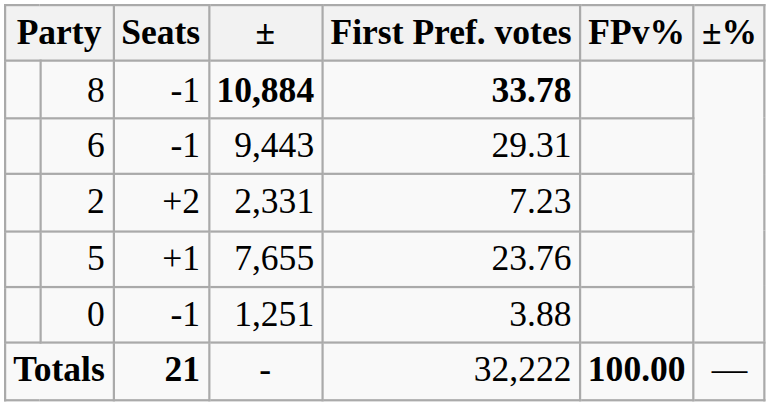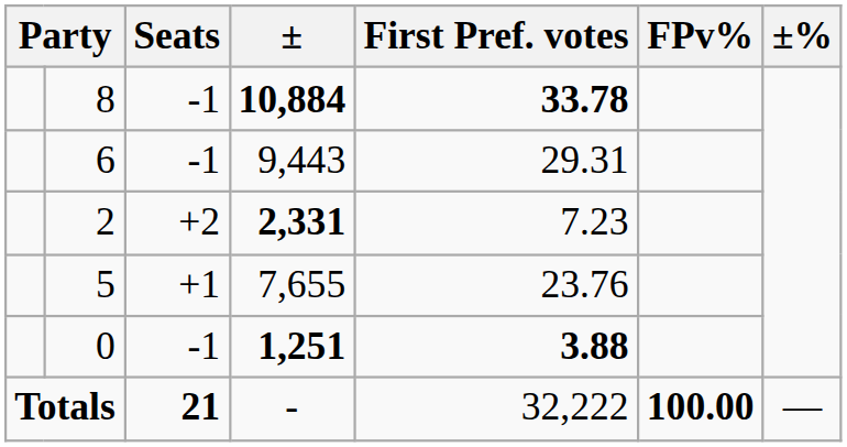 <table class=wikitable>
 <tr>
 <th colspan=2 align=center>Party</th>
 <th valign=top>Seats</th>
 <th valign=top>±</th>
 <th valign=top>First Pref. votes</th>
 <th valign=top>FPv%</th>
 <th valign=top>±%</th>
 </tr>
 <tr>
 <td></td>
 <td align=right>8</td>
 <td align=right>-1</td>
 <td align=right><strong>10,884</strong></td>
 <td align=right><strong>33.78</strong></td>
 <td align=right></td>
 </tr>
 <tr>
 <td></td>
 <td align=right>6</td>
 <td align=right>-1</td>
 <td align=right>9,443</td>
 <td align=right>29.31</td>
 <td align=right></td>
 </tr>
 <tr>
 <td></td>
 <td align=right>2</td>
 <td align=right>+2</td>
-<td align=right>2,331</td>
+<td align=right><strong>2,331</strong></td>
 <td align=right>7.23</td>
 <td align=right></td>
 </tr>
 <tr>
 <td></td>
 <td align=right>5</td>
 <td align=right>+1</td>
 <td align=right>7,655</td>
 <td align=right>23.76</td>
 <td align=right></td>
 </tr>
 <tr>
 <td></td>
 <td align=right>0</td>
 <td align=right>-1</td>
-<td align=right>1,251</td>
-<td align=right>3.88</td>
+<td align=right><strong>1,251</strong></td>
+<td align=right><strong>3.88</strong></td>
 <td align=right></td>
 </tr>
 <tr>
 <td colspan=2 align=center><strong>Totals</strong></td>
 <td align=right><strong>21</strong></td>
 <td align=center>-</td>
 <td align=right>32,222</td>
 <td align=center><strong>100.00</strong></td>
 <td align=center>—</td>
 </tr>
 </table>
